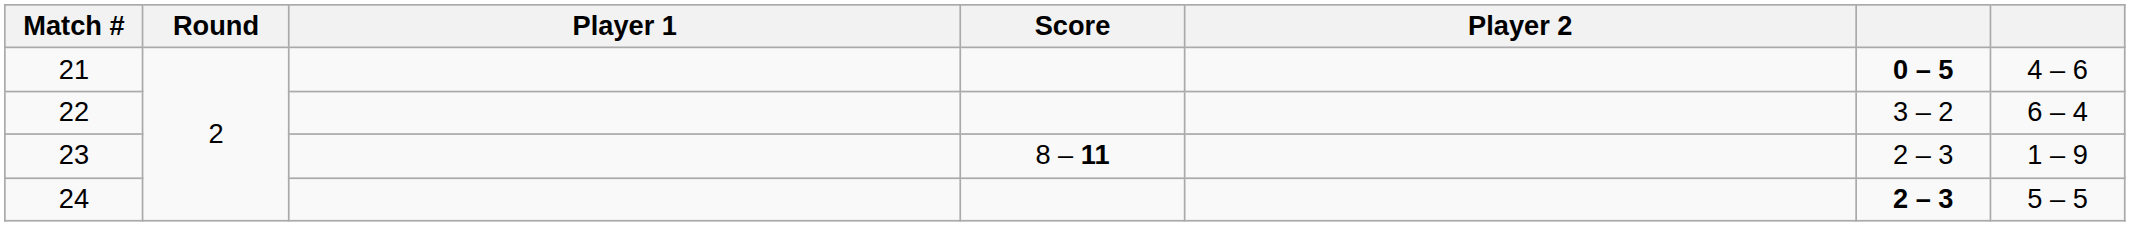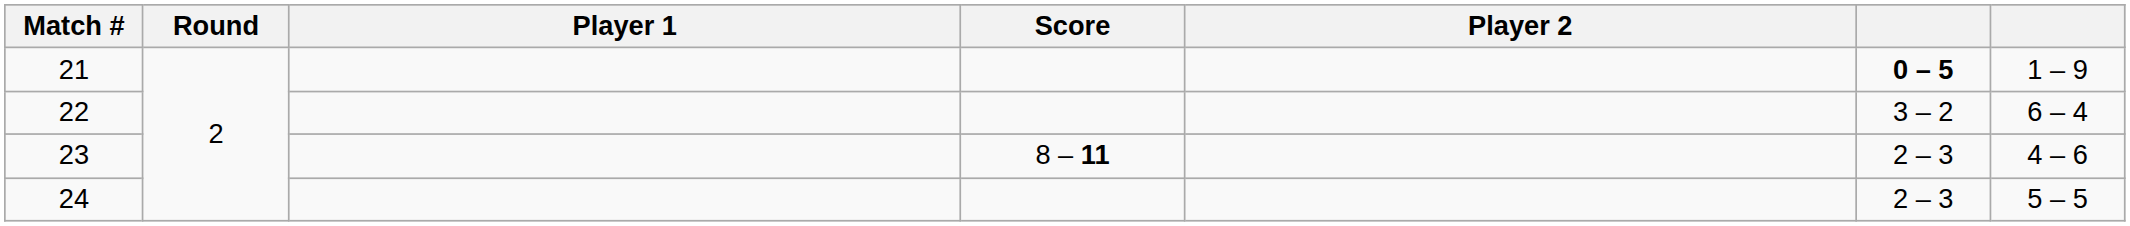 <table class="wikitable">
 <tr>
 <th width="2%">Match #</th>
 <th width="2%">Round</th>
 <th width="15%">Player 1</th>
 <th width="5%">Score</th>
 <th width="15%">Player 2</th>
 <th width="3%"></th>
 <th width="3%"></th>
 </tr>
 <tr style=text-align:center;"background:#;">
 <td>21</td>
 <td rowspan=4>2</td>
 <td></td>
 <td></td>
 <td><strong></strong></td>
 <td><strong>0 – 5</strong></td>
-<td>4 – 6</td>
+<td>1 – 9</td>
 </tr>
 <tr style=text-align:center;"background:#;">
 <td>22</td>
 <td><strong></strong></td>
 <td></td>
 <td></td>
 <td>3 – 2</td>
 <td>6 – 4</td>
 </tr>
 <tr style=text-align:center;"background:#;">
 <td>23</td>
 <td></td>
 <td>8 – <strong>11</strong></td>
 <td><strong></strong></td>
 <td>2 – 3</td>
-<td>1 – 9</td>
+<td>4 – 6</td>
 </tr>
 <tr style=text-align:center;"background:#;">
 <td>24</td>
 <td><strong></strong></td>
 <td></td>
 <td></td>
-<td><strong>2 – 3</strong></td>
+<td>2 – 3</td>
 <td>5 – 5</td>
 </tr>
 </table>
